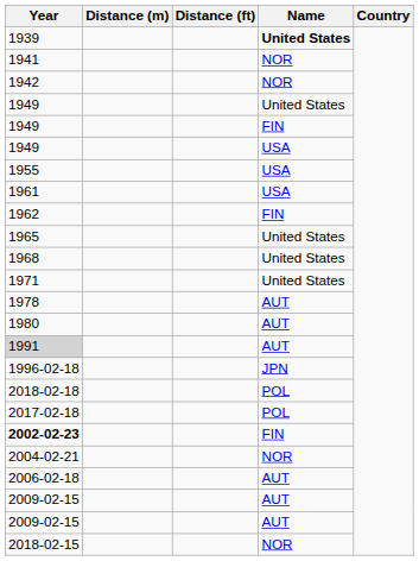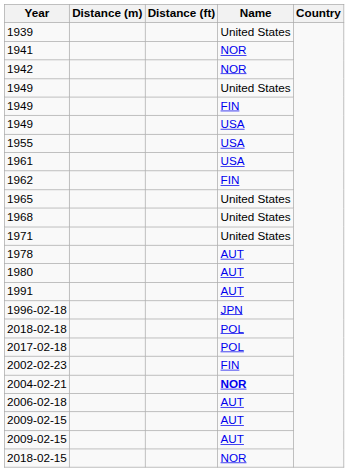 <table class="wikitable sortable">
 <tr>
 <th>Year</th>
 <th>Distance (m)</th>
 <th>Distance (ft)</th>
 <th>Name</th>
 <th>Country</th>
 </tr>
 <tr>
 <td>1939</td>
 <td></td>
 <td></td>
-<td><strong> United States</strong></td>
+<td> United States</td>
 </tr>
 <tr>
 <td>1941</td>
 <td></td>
 <td></td>
 <td> <a href='#'>NOR</a></td>
 </tr>
 <tr>
 <td>1942</td>
 <td></td>
 <td></td>
 <td> <a href='#'>NOR</a></td>
 </tr>
 <tr>
 <td>1949</td>
 <td></td>
 <td></td>
 <td> United States</td>
 </tr>
 <tr>
 <td>1949</td>
 <td></td>
 <td></td>
 <td> <a href='#'>FIN</a></td>
 </tr>
 <tr>
 <td>1949</td>
 <td></td>
 <td></td>
 <td> <a href='#'>USA</a></td>
 </tr>
 <tr>
 <td>1955</td>
 <td></td>
 <td></td>
 <td> <a href='#'>USA</a></td>
 </tr>
 <tr>
 <td>1961</td>
 <td></td>
 <td></td>
 <td> <a href='#'>USA</a></td>
 </tr>
 <tr>
 <td>1962</td>
 <td></td>
 <td></td>
 <td> <a href='#'>FIN</a></td>
 </tr>
 <tr>
 <td>1965</td>
 <td></td>
 <td></td>
 <td> United States</td>
 </tr>
 <tr>
 <td>1968</td>
 <td></td>
 <td></td>
 <td> United States</td>
 </tr>
 <tr>
 <td>1971</td>
 <td></td>
 <td></td>
 <td> United States</td>
 </tr>
 <tr>
 <td>1978</td>
 <td></td>
 <td></td>
 <td> <a href='#'>AUT</a></td>
 </tr>
 <tr>
 <td>1980</td>
 <td></td>
 <td></td>
 <td> <a href='#'>AUT</a></td>
 </tr>
 <tr>
-<td style="background: lightgrey;">1991</td>
+<td>1991</td>
 <td></td>
 <td></td>
 <td> <a href='#'>AUT</a></td>
 </tr>
 <tr>
 <td>1996-02-18</td>
 <td></td>
 <td></td>
 <td> <a href='#'>JPN</a></td>
 </tr>
 <tr>
 <td>2018-02-18</td>
 <td></td>
 <td></td>
 <td> <a href='#'>POL</a></td>
 </tr>
 <tr>
 <td>2017-02-18</td>
 <td></td>
 <td></td>
 <td> <a href='#'>POL</a></td>
 </tr>
 <tr>
-<td><strong>2002-02-23</strong></td>
+<td>2002-02-23</td>
 <td></td>
 <td></td>
 <td> <a href='#'>FIN</a></td>
 </tr>
 <tr>
 <td>2004-02-21</td>
 <td></td>
 <td></td>
-<td> <a href='#'>NOR</a></td>
+<td><strong> <a href='#'>NOR</a></strong></td>
 </tr>
 <tr>
 <td>2006-02-18</td>
 <td></td>
 <td></td>
 <td> <a href='#'>AUT</a></td>
 </tr>
 <tr>
 <td>2009-02-15</td>
 <td></td>
 <td></td>
 <td> <a href='#'>AUT</a></td>
 </tr>
 <tr>
 <td>2009-02-15</td>
 <td></td>
 <td></td>
 <td> <a href='#'>AUT</a></td>
 </tr>
 <tr>
 <td>2018-02-15</td>
 <td></td>
 <td></td>
 <td> <a href='#'>NOR</a></td>
 </tr>
 </table>
